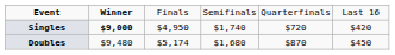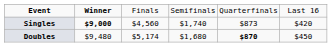 <table class=wikitable style="font-size:90%;text-align:center">
 <tr>
 <td style="width:104px;"><strong>Event</strong></td>
 <td style="width:68px;"><strong>Winner</strong></td>
 <td style="width:68px;">Finals</td>
 <td style="width:68px;">Semifinals</td>
 <td style="width:68px;">Quarterfinals</td>
 <td style="width:68px;">Last 16</td>
 </tr>
 <tr>
 <td style="background:#dfe2e9;"><strong>Singles</strong></td>
 <td><strong>$9,000</strong></td>
-<td>$4,950</td>
+<td>$4,560</td>
 <td>$1,740</td>
-<td>$720</td>
+<td>$873</td>
 <td>$420</td>
 </tr>
 <tr>
 <td style="background:#dfe2e9;"><strong>Doubles</strong></td>
 <td>$9,480</td>
 <td>$5,174</td>
 <td>$1,680</td>
-<td>$870</td>
+<td><strong>$870</strong></td>
 <td>$450</td>
 </tr>
 </table>
